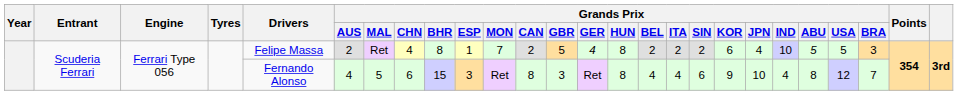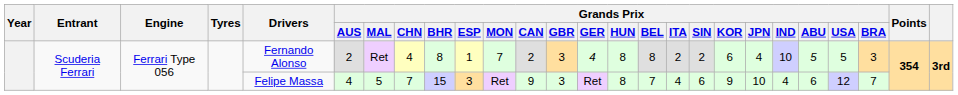 <table class="wikitable" style="text-align:center; font-size:95%">
 <tr>
 <th rowspan="2">Year</th>
 <th rowspan="2">Entrant</th>
 <th rowspan="2">Engine</th>
 <th rowspan="2">Tyres</th>
 <th rowspan="2">Drivers</th>
 <th colspan="19">Grands Prix</th>
 <th rowspan="2">Points</th>
 <th rowspan="2"></th>
 </tr>
 <tr>
 <th><a href='#'>AUS</a></th>
 <th><a href='#'>MAL</a></th>
 <th><a href='#'>CHN</a></th>
 <th><a href='#'>BHR</a></th>
 <th><a href='#'>ESP</a></th>
 <th><a href='#'>MON</a></th>
 <th><a href='#'>CAN</a></th>
 <th><a href='#'>GBR</a></th>
 <th><a href='#'>GER</a></th>
 <th><a href='#'>HUN</a></th>
 <th><a href='#'>BEL</a></th>
 <th><a href='#'>ITA</a></th>
 <th><a href='#'>SIN</a></th>
 <th><a href='#'>KOR</a></th>
 <th><a href='#'>JPN</a></th>
 <th><a href='#'>IND</a></th>
 <th><a href='#'>ABU</a></th>
 <th><a href='#'>USA</a></th>
 <th><a href='#'>BRA</a></th>
 </tr>
 <tr>
 <th rowspan=2></th>
 <td rowspan=2><a href='#'>Scuderia Ferrari</a></td>
 <td rowspan=2><a href='#'>Ferrari</a> Type 056</td>
 <td rowspan=2></td>
-<td align="center"><a href='#'>Felipe Massa</a></td>
+<td align="center"><a href='#'>Fernando Alonso</a></td>
 <td style="background-color:#dfdfdf">2</td>
 <td style="background-color:#efcfff">Ret</td>
 <td style="background-color:#ffffbf">4</td>
 <td style="background-color:#dfffdf">8</td>
 <td style="background-color:#ffffbf">1</td>
 <td style="background-color:#dfffdf">7</td>
 <td style="background-color:#dfdfdf">2</td>
-<td style="background-color:#ffdf9f">5</td>
+<td style="background-color:#ffdf9f">3</td>
 <td style="background-color:#dfffdf"><em>4</em></td>
 <td style="background-color:#dfffdf">8</td>
-<td style="background-color:#dfdfdf">2</td>
+<td style="background-color:#dfdfdf">8</td>
 <td style="background-color:#dfdfdf">2</td>
 <td style="background-color:#dfdfdf">2</td>
 <td style="background-color:#dfffdf">6</td>
 <td style="background-color:#dfffdf">4</td>
 <td style="background-color:#cfcfff">10</td>
 <td style="background-color:#dfffdf"><em>5</em></td>
 <td style="background-color:#dfffdf">5</td>
 <td style="background-color:#ffdf9f">3</td>
 <td rowspan="2" style="background-color:#ffdf9f"><strong>354</strong></td>
 <td rowspan="2" style="background-color:#ffdf9f"><strong>3rd</strong></td>
 </tr>
 <tr>
-<td align="center"><a href='#'>Fernando Alonso</a></td>
+<td align="center"><a href='#'>Felipe Massa</a></td>
 <td style="background-color:#dfffdf">4</td>
 <td style="background-color:#dfffdf">5</td>
-<td style="background-color:#dfffdf">6</td>
+<td style="background-color:#dfffdf">7</td>
 <td style="background-color:#cfcfff">15</td>
 <td style="background-color:#ffdf9f">3</td>
 <td style="background-color:#efcfff">Ret</td>
-<td style="background-color:#dfffdf">8</td>
+<td style="background-color:#dfffdf">9</td>
 <td style="background-color:#dfffdf">3</td>
 <td style="background-color:#efcfff">Ret</td>
 <td style="background-color:#dfffdf">8</td>
-<td style="background-color:#dfffdf">4</td>
+<td style="background-color:#dfffdf">7</td>
 <td style="background-color:#dfffdf">4</td>
 <td style="background-color:#dfffdf">6</td>
 <td style="background-color:#dfffdf">9</td>
 <td style="background-color:#dfffdf">10</td>
 <td style="background-color:#dfffdf">4</td>
-<td style="background-color:#dfffdf">8</td>
+<td style="background-color:#dfffdf">6</td>
 <td style="background-color:#cfcfff">12</td>
 <td style="background-color:#dfffdf">7</td>
 </tr>
 </table>
